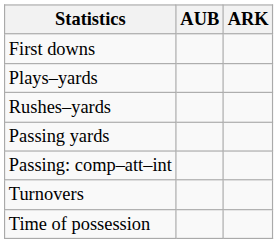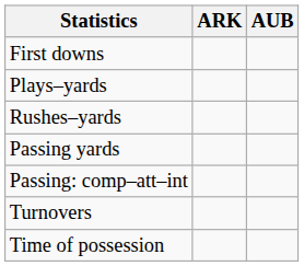 <table class="wikitable" style="float:left">
 <tr>
 <th>Statistics</th>
+<th>ARK</th>
 <th>AUB</th>
-<th>ARK</th>
 </tr>
 <tr>
 <td>First downs</td>
 <td></td>
 <td></td>
 </tr>
 <tr>
 <td>Plays–yards</td>
 <td></td>
 <td></td>
 </tr>
 <tr>
 <td>Rushes–yards</td>
 <td></td>
 <td></td>
 </tr>
 <tr>
 <td>Passing yards</td>
 <td></td>
 <td></td>
 </tr>
 <tr>
 <td>Passing: comp–att–int</td>
 <td></td>
 <td></td>
 </tr>
 <tr>
 <td>Turnovers</td>
 <td></td>
 <td></td>
 </tr>
 <tr>
 <td>Time of possession</td>
 <td></td>
 <td></td>
 </tr>
 </table>
